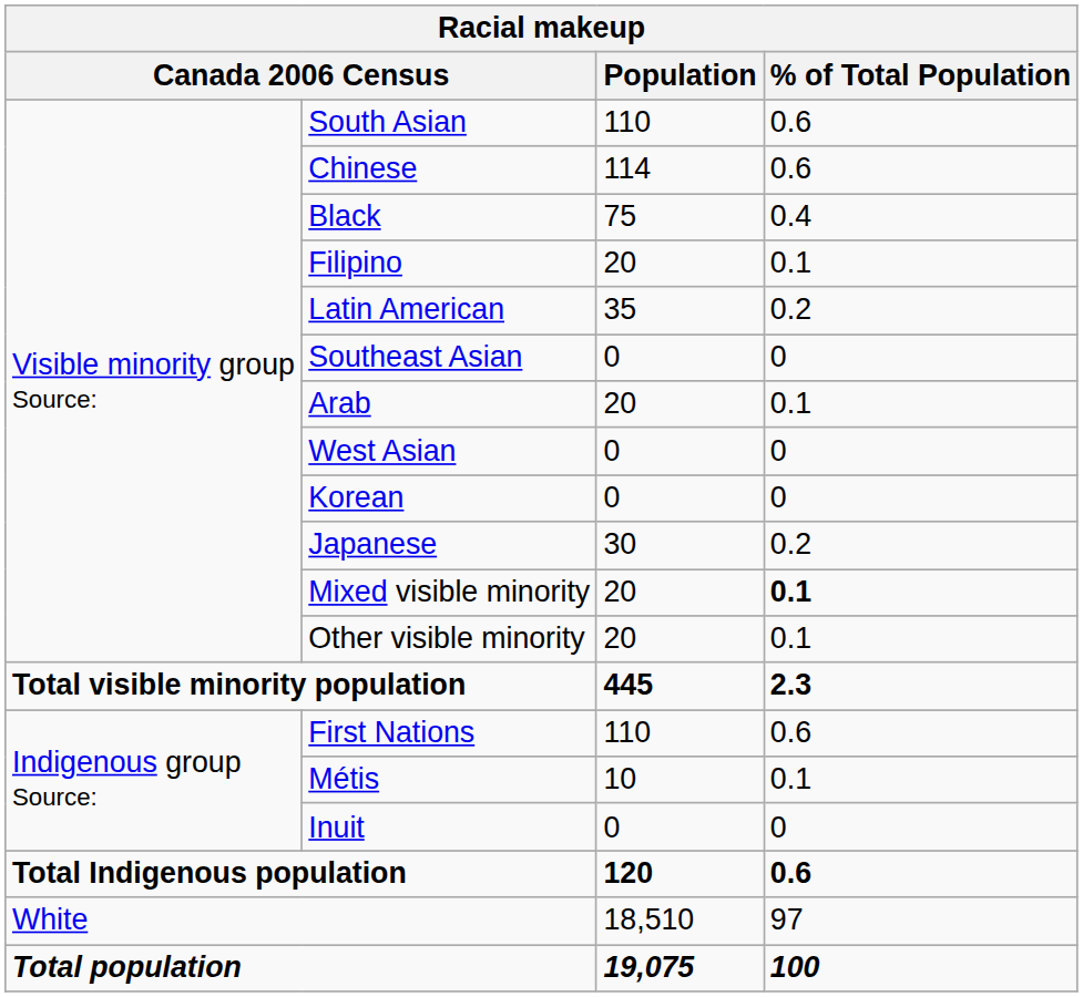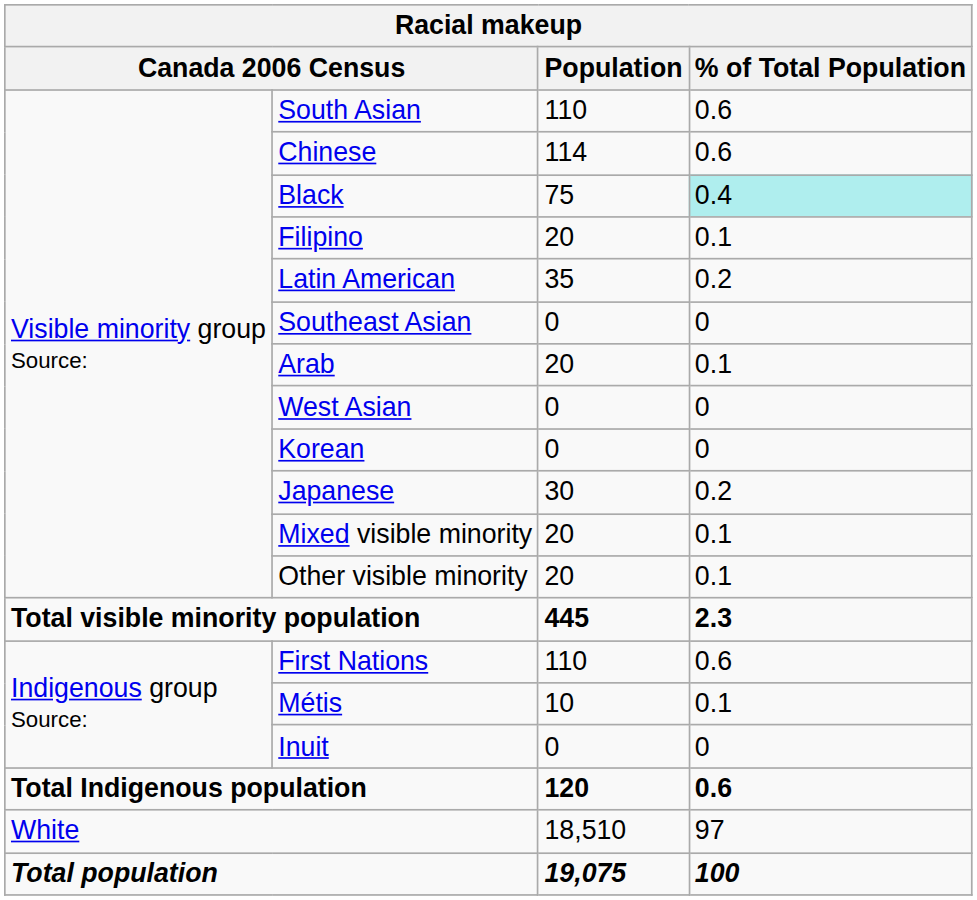 <table class="wikitable">
 <tr>
 <th colspan=4>Racial makeup</th>
 </tr>
 <tr>
 <th colspan="2">Canada 2006 Census</th>
 <th>Population</th>
 <th>% of Total Population</th>
 </tr>
 <tr>
 <td rowspan="12"><a href='#'>Visible minority</a> group<br><small>Source:</small></td>
 <td><a href='#'>South Asian</a></td>
 <td>110</td>
 <td>0.6</td>
 </tr>
 <tr>
 <td><a href='#'>Chinese</a></td>
 <td>114</td>
 <td>0.6</td>
 </tr>
 <tr>
 <td><a href='#'>Black</a></td>
 <td>75</td>
-<td>0.4</td>
+<td style="background: paleturquoise;">0.4</td>
 </tr>
 <tr>
 <td><a href='#'>Filipino</a></td>
 <td>20</td>
 <td>0.1</td>
 </tr>
 <tr>
 <td><a href='#'>Latin American</a></td>
 <td>35</td>
 <td>0.2</td>
 </tr>
 <tr>
 <td><a href='#'>Southeast Asian</a></td>
 <td>0</td>
 <td>0</td>
 </tr>
 <tr>
 <td><a href='#'>Arab</a></td>
 <td>20</td>
 <td>0.1</td>
 </tr>
 <tr>
 <td><a href='#'>West Asian</a></td>
 <td>0</td>
 <td>0</td>
 </tr>
 <tr>
 <td><a href='#'>Korean</a></td>
 <td>0</td>
 <td>0</td>
 </tr>
 <tr>
 <td><a href='#'>Japanese</a></td>
 <td>30</td>
 <td>0.2</td>
 </tr>
 <tr>
 <td><a href='#'>Mixed</a> visible minority</td>
 <td>20</td>
-<td><strong>0.1</strong></td>
+<td>0.1</td>
 </tr>
 <tr>
 <td>Other visible minority</td>
 <td>20</td>
 <td>0.1</td>
 </tr>
 <tr>
 <td colspan="2"><strong>Total visible minority population</strong></td>
 <td><strong>445</strong></td>
 <td><strong>2.3</strong></td>
 </tr>
 <tr>
 <td rowspan="3"><a href='#'>Indigenous</a> group<br><small>Source:</small></td>
 <td><a href='#'>First Nations</a></td>
 <td>110</td>
 <td>0.6</td>
 </tr>
 <tr>
 <td><a href='#'>Métis</a></td>
 <td>10</td>
 <td>0.1</td>
 </tr>
 <tr>
 <td><a href='#'>Inuit</a></td>
 <td>0</td>
 <td>0</td>
 </tr>
 <tr>
 <td colspan="2"><strong>Total Indigenous population</strong></td>
 <td><strong>120</strong></td>
 <td><strong>0.6</strong></td>
 </tr>
 <tr>
 <td colspan="2"><a href='#'>White</a></td>
 <td>18,510</td>
 <td>97</td>
 </tr>
 <tr>
 <td colspan="2"><strong><em>Total population</em></strong></td>
 <td><strong><em>19,075</em></strong></td>
 <td><strong><em>100</em></strong></td>
 </tr>
 </table>
